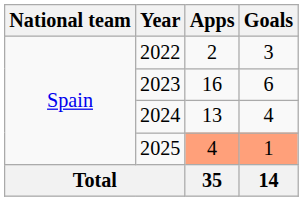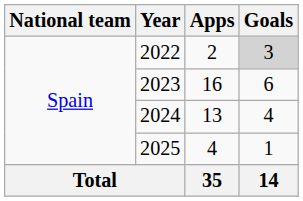 <table class="wikitable" style="text-align:center">
 <tr>
 <th>National team</th>
 <th>Year</th>
 <th>Apps</th>
 <th>Goals</th>
 </tr>
 <tr>
 <td rowspan="4"><a href='#'>Spain</a></td>
 <td>2022</td>
 <td>2</td>
-<td>3</td>
+<td style="background: lightgrey;">3</td>
 </tr>
 <tr>
 <td>2023</td>
 <td>16</td>
 <td>6</td>
 </tr>
 <tr>
 <td>2024</td>
 <td>13</td>
 <td>4</td>
 </tr>
 <tr>
 <td>2025</td>
-<td style="background: lightsalmon;">4</td>
-<td style="background: lightsalmon;">1</td>
+<td>4</td>
+<td>1</td>
 </tr>
 <tr>
 <th colspan="2">Total</th>
 <th>35</th>
 <th>14</th>
 </tr>
 </table>
